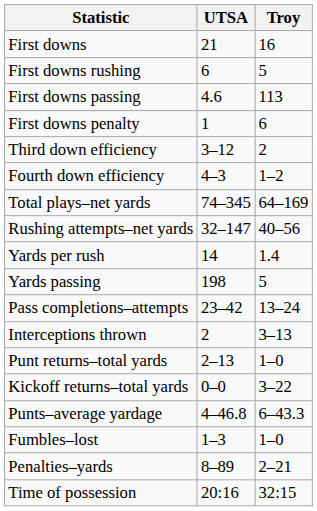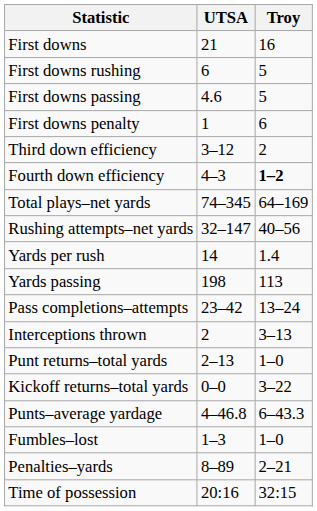 <table class="wikitable">
 <tr>
 <th>Statistic</th>
 <th><strong>UTSA</strong></th>
 <th><strong>Troy</strong></th>
 </tr>
 <tr>
 <td>First downs</td>
 <td>21</td>
 <td>16</td>
 </tr>
 <tr>
 <td>First downs rushing</td>
 <td>6</td>
 <td>5</td>
 </tr>
 <tr>
 <td>First downs passing</td>
 <td>4.6</td>
-<td>113</td>
+<td>5</td>
 </tr>
 <tr>
 <td>First downs penalty</td>
 <td>1</td>
 <td>6</td>
 </tr>
 <tr>
 <td>Third down efficiency</td>
 <td>3–12</td>
 <td>2</td>
 </tr>
 <tr>
 <td>Fourth down efficiency</td>
 <td>4–3</td>
-<td>1–2</td>
+<td><strong>1–2</strong></td>
 </tr>
 <tr>
 <td>Total plays–net yards</td>
 <td>74–345</td>
 <td>64–169</td>
 </tr>
 <tr>
 <td>Rushing attempts–net yards</td>
 <td>32–147</td>
 <td>40–56</td>
 </tr>
 <tr>
 <td>Yards per rush</td>
 <td>14</td>
 <td>1.4</td>
 </tr>
 <tr>
 <td>Yards passing</td>
 <td>198</td>
-<td>5</td>
+<td>113</td>
 </tr>
 <tr>
 <td>Pass completions–attempts</td>
 <td>23–42</td>
 <td>13–24</td>
 </tr>
 <tr>
 <td>Interceptions thrown</td>
 <td>2</td>
 <td>3–13</td>
 </tr>
 <tr>
 <td>Punt returns–total yards</td>
 <td>2–13</td>
 <td>1–0</td>
 </tr>
 <tr>
 <td>Kickoff returns–total yards</td>
 <td>0–0</td>
 <td>3–22</td>
 </tr>
 <tr>
 <td>Punts–average yardage</td>
 <td>4–46.8</td>
 <td>6–43.3</td>
 </tr>
 <tr>
 <td>Fumbles–lost</td>
 <td>1–3</td>
 <td>1–0</td>
 </tr>
 <tr>
 <td>Penalties–yards</td>
 <td>8–89</td>
 <td>2–21</td>
 </tr>
 <tr>
 <td>Time of possession</td>
 <td>20:16</td>
 <td>32:15</td>
 </tr>
 </table>
